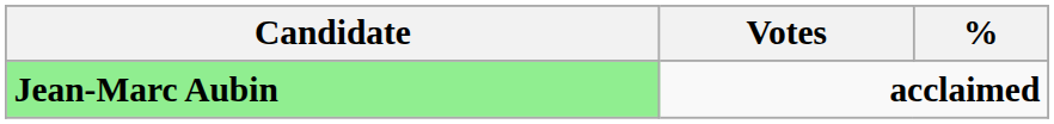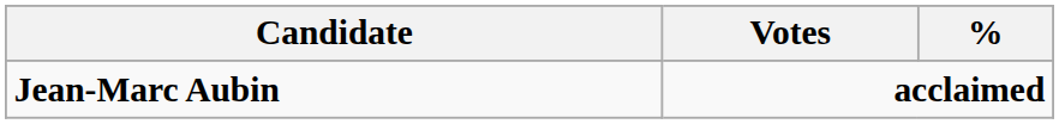 <table style="width:475px;" class="wikitable">
 <tr>
 <th align="center">Candidate</th>
 <th align="center">Votes</th>
 <th align="center">%</th>
 </tr>
 <tr>
-<td align="left" style="background: lightgreen;"><strong>Jean-Marc Aubin</strong></td>
+<td align="left"><strong>Jean-Marc Aubin</strong></td>
 <td align="right" colspan="2"><strong>acclaimed</strong></td>
 </tr>
 </table>
